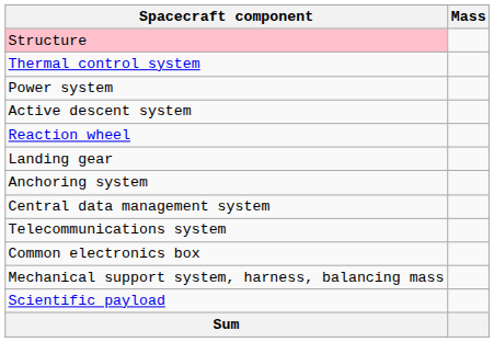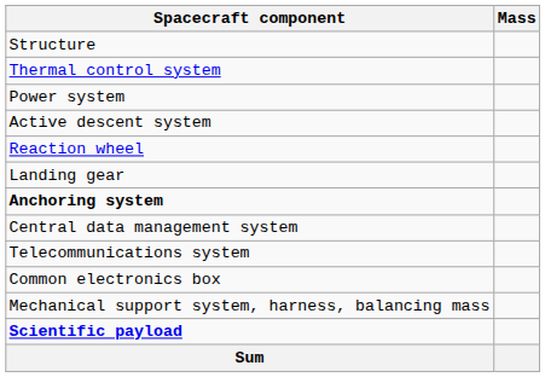 <table class="wikitable" style="margin: 1em auto;">
 <tr>
 <th>Spacecraft component</th>
 <th colspan=2>Mass</th>
 </tr>
 <tr>
-<td style="background: pink;">Structure</td>
+<td>Structure</td>
 <td></td>
 </tr>
 <tr>
 <td><a href='#'>Thermal control system</a></td>
 <td></td>
 </tr>
 <tr>
 <td>Power system</td>
 <td></td>
 </tr>
 <tr>
 <td>Active descent system</td>
 <td></td>
 </tr>
 <tr>
 <td><a href='#'>Reaction wheel</a></td>
 <td></td>
 </tr>
 <tr>
 <td>Landing gear</td>
 <td></td>
 </tr>
 <tr>
-<td>Anchoring system</td>
+<td><strong>Anchoring system</strong></td>
 <td></td>
 </tr>
 <tr>
 <td>Central data management system</td>
 <td></td>
 </tr>
 <tr>
 <td>Telecommunications system</td>
 <td></td>
 </tr>
 <tr>
 <td>Common electronics box</td>
 <td></td>
 </tr>
 <tr>
 <td>Mechanical support system, harness, balancing mass</td>
 <td></td>
 </tr>
 <tr>
-<td><a href='#'>Scientific payload</a></td>
+<td><strong><a href='#'>Scientific payload</a></strong></td>
 <td></td>
 </tr>
 <tr style="background-color: #f2f2f2; font-weight: bold;">
 <th>Sum</th>
 <th></th>
 </tr>
 </table>
